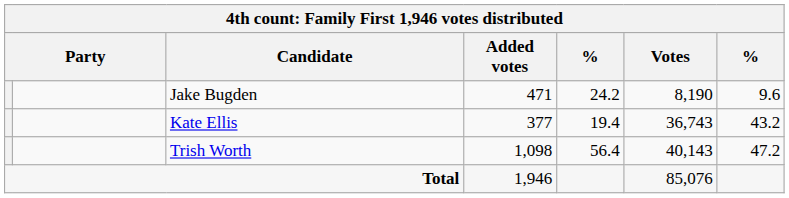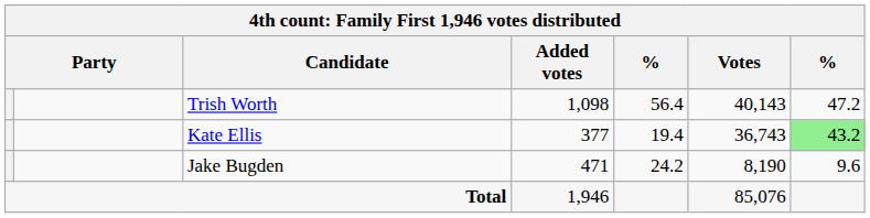 <table class="wikitable" style="font-size: 95%;">
 <tr style="background:#e9e9e9;">
 <th colspan=7>4th count: Family First 1,946 votes distributed</th>
 </tr>
 <tr style="background:#e9e9e9;">
 <th colspan=2 style="width: 130px">Party</th>
 <th style="width: 17em">Candidate</th>
 <th style="width: 5em">Added votes</th>
 <th style="width: 3.5em">%</th>
 <th style="width: 5em">Votes</th>
 <th style="width: 3.5em">%</th>
 </tr>
 <tr class="vcard">
 <th></th>
 <td class="org" style="width: 130px"></td>
-<td class="fn">Jake Bugden</td>
-<td style="text-align: right; margin-right: 0.5em">471</td>
-<td style="text-align: right; margin-right: 0.5em">24.2</td>
-<td style="text-align: right; margin-right: 0.5em">8,190</td>
-<td style="text-align: right; margin-right: 0.5em">9.6</td>
+<td class="fn"><a href='#'>Trish Worth</a></td>
+<td style="text-align: right; margin-right: 0.5em">1,098</td>
+<td style="text-align: right; margin-right: 0.5em">56.4</td>
+<td style="text-align: right; margin-right: 0.5em">40,143</td>
+<td style="text-align: right; margin-right: 0.5em">47.2</td>
 </tr>
 <tr class="vcard">
 <th></th>
 <td class="org" style="width: 130px"></td>
 <td class="fn"><a href='#'>Kate Ellis</a></td>
 <td style="text-align: right; margin-right: 0.5em">377</td>
 <td style="text-align: right; margin-right: 0.5em">19.4</td>
 <td style="text-align: right; margin-right: 0.5em">36,743</td>
-<td style="text-align: right; margin-right: 0.5em">43.2</td>
+<td style="background: lightgreen; text-align: right; margin-right: 0.5em">43.2</td>
 </tr>
 <tr class="vcard">
 <th></th>
 <td class="org" style="width: 130px"></td>
-<td class="fn"><a href='#'>Trish Worth</a></td>
-<td style="text-align: right; margin-right: 0.5em">1,098</td>
-<td style="text-align: right; margin-right: 0.5em">56.4</td>
-<td style="text-align: right; margin-right: 0.5em">40,143</td>
-<td style="text-align: right; margin-right: 0.5em">47.2</td>
+<td class="fn">Jake Bugden</td>
+<td style="text-align: right; margin-right: 0.5em">471</td>
+<td style="text-align: right; margin-right: 0.5em">24.2</td>
+<td style="text-align: right; margin-right: 0.5em">8,190</td>
+<td style="text-align: right; margin-right: 0.5em">9.6</td>
 </tr>
 <tr style="background:#f6f6f6; text-align:right;">
 <td colspan="3" style="margin-right: 0.5em"><strong>Total</strong></td>
 <td style="margin-right: 0.5em">1,946</td>
 <td style="margin-right: 0.5em"></td>
 <td style="margin-right: 0.5em">85,076</td>
 <td style="margin-right: 0.5em"></td>
 </tr>
 </table>
